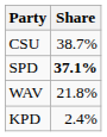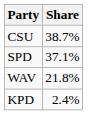 <table class="wikitable">
 <tr>
 <th>Party</th>
 <th>Share</th>
 </tr>
 <tr>
 <td>CSU</td>
 <td align=right>38.7%</td>
 </tr>
 <tr>
 <td>SPD</td>
-<td align=right><strong>37.1%</strong></td>
+<td align=right>37.1%</td>
 </tr>
 <tr>
 <td>WAV</td>
 <td align=right>21.8%</td>
 </tr>
 <tr>
 <td>KPD</td>
 <td align=right>2.4%</td>
 </tr>
 </table>
